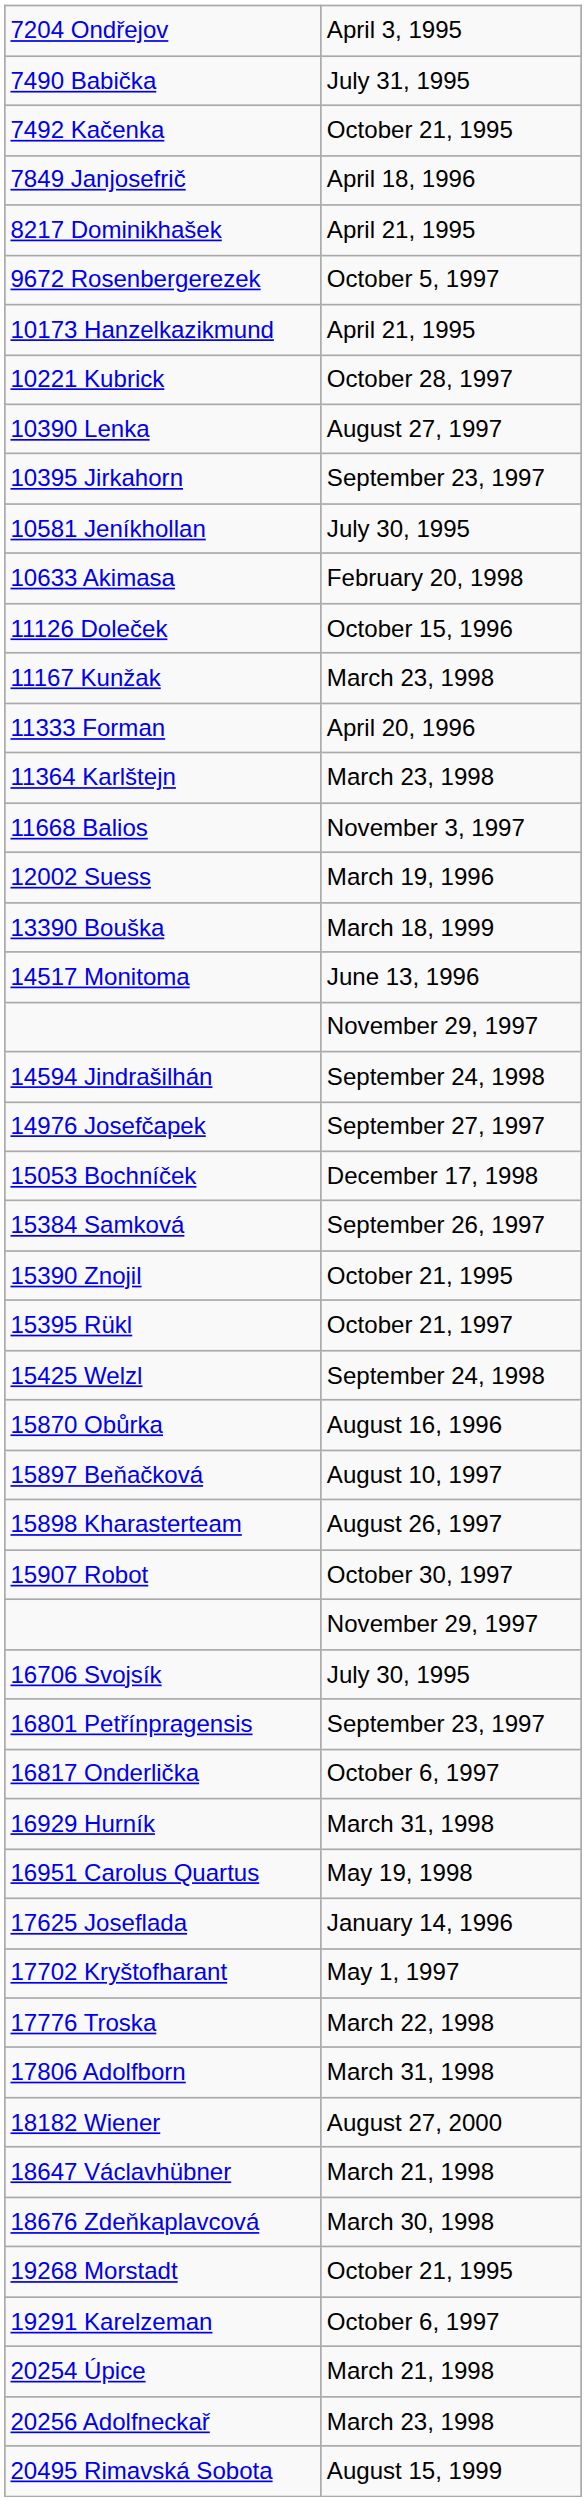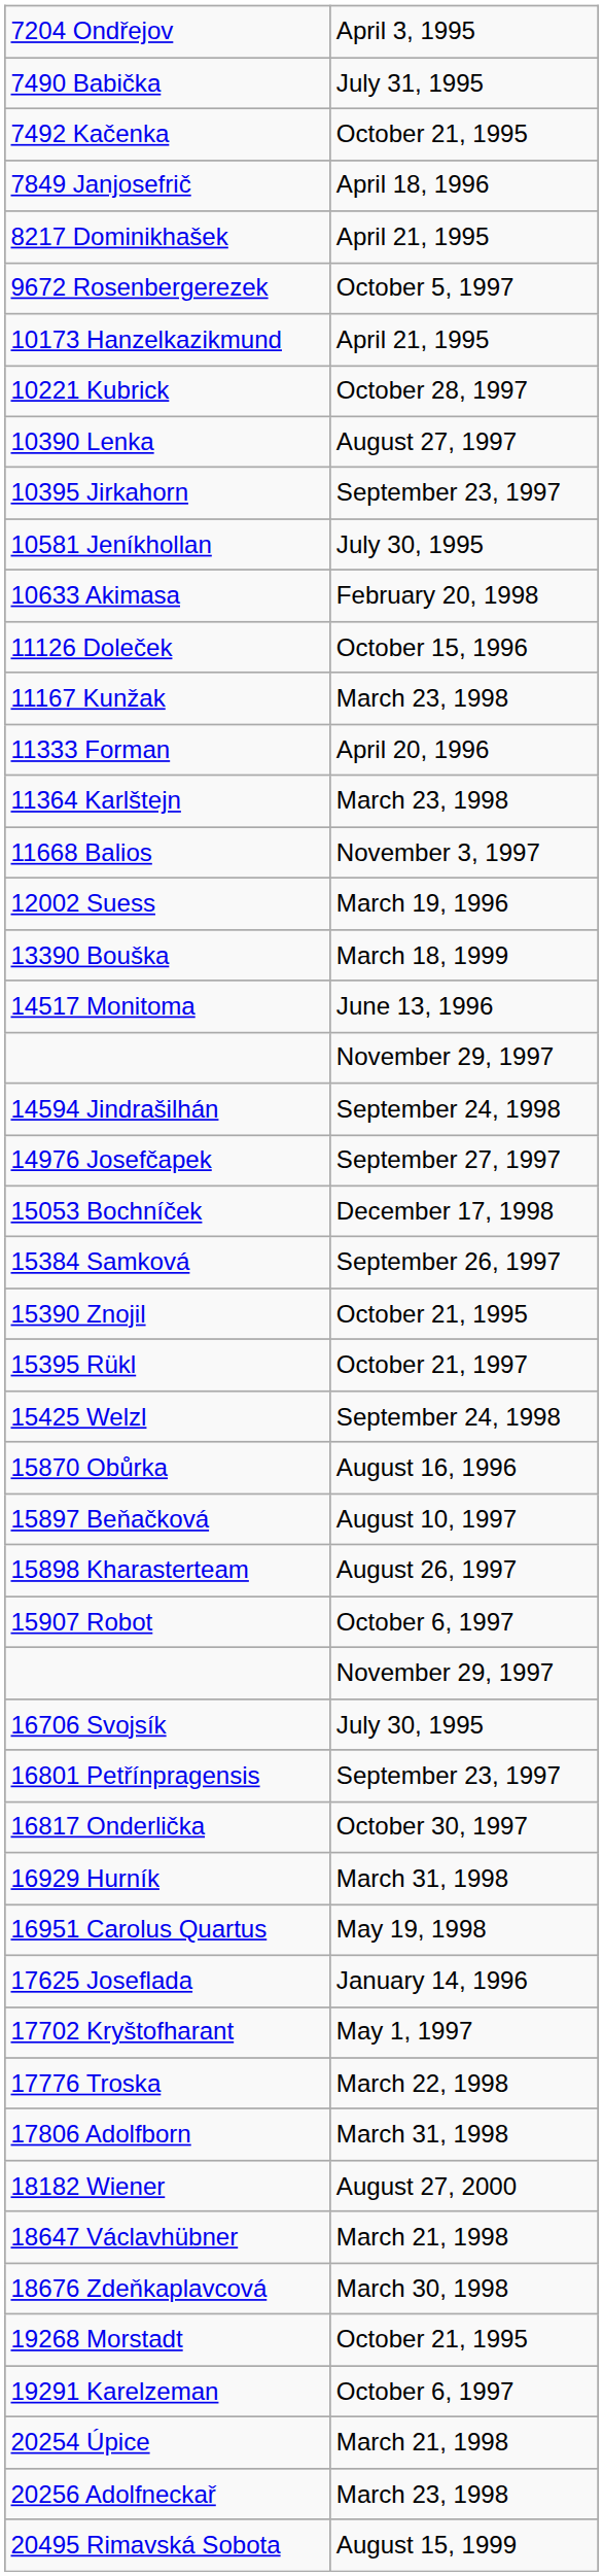 <table class="wikitable" style="font-size: 89%; float: left; width: 24em; margin-right: 1em; line-height: 1.6em !important; height: 1250px;">
 <tr>
 <td><a href='#'>7204 Ondřejov</a></td>
 <td>April 3, 1995</td>
 </tr>
 <tr>
 <td><a href='#'>7490 Babička</a></td>
 <td>July 31, 1995</td>
 </tr>
 <tr>
 <td><a href='#'>7492 Kačenka</a></td>
 <td>October 21, 1995</td>
 </tr>
 <tr>
 <td><a href='#'>7849 Janjosefrič</a> </td>
 <td>April 18, 1996</td>
 </tr>
 <tr>
 <td><a href='#'>8217 Dominikhašek</a> </td>
 <td>April 21, 1995</td>
 </tr>
 <tr>
 <td><a href='#'>9672 Rosenbergerezek</a></td>
 <td>October 5, 1997</td>
 </tr>
 <tr>
 <td><a href='#'>10173 Hanzelkazikmund</a> </td>
 <td>April 21, 1995</td>
 </tr>
 <tr>
 <td><a href='#'>10221 Kubrick</a></td>
 <td>October 28, 1997</td>
 </tr>
 <tr>
 <td><a href='#'>10390 Lenka</a> </td>
 <td>August 27, 1997</td>
 </tr>
 <tr>
 <td><a href='#'>10395 Jirkahorn</a> </td>
 <td>September 23, 1997</td>
 </tr>
 <tr>
 <td><a href='#'>10581 Jeníkhollan</a></td>
 <td>July 30, 1995</td>
 </tr>
 <tr>
 <td><a href='#'>10633 Akimasa</a></td>
 <td>February 20, 1998</td>
 </tr>
 <tr>
 <td><a href='#'>11126 Doleček</a></td>
 <td>October 15, 1996</td>
 </tr>
 <tr>
 <td><a href='#'>11167 Kunžak</a></td>
 <td>March 23, 1998</td>
 </tr>
 <tr>
 <td><a href='#'>11333 Forman</a> </td>
 <td>April 20, 1996</td>
 </tr>
 <tr>
 <td><a href='#'>11364 Karlštejn</a></td>
 <td>March 23, 1998</td>
 </tr>
 <tr>
 <td><a href='#'>11668 Balios</a></td>
 <td>November 3, 1997</td>
 </tr>
 <tr>
 <td><a href='#'>12002 Suess</a> </td>
 <td>March 19, 1996</td>
 </tr>
 <tr>
 <td><a href='#'>13390 Bouška</a> </td>
 <td>March 18, 1999</td>
 </tr>
 <tr>
 <td><a href='#'>14517 Monitoma</a></td>
 <td>June 13, 1996</td>
 </tr>
 <tr>
 <td></td>
 <td>November 29, 1997</td>
 </tr>
 <tr>
 <td><a href='#'>14594 Jindrašilhán</a></td>
 <td>September 24, 1998</td>
 </tr>
 <tr>
 <td><a href='#'>14976 Josefčapek</a></td>
 <td>September 27, 1997</td>
 </tr>
 <tr>
 <td><a href='#'>15053 Bochníček</a> </td>
 <td>December 17, 1998</td>
 </tr>
 <tr>
 <td><a href='#'>15384 Samková</a></td>
 <td>September 26, 1997</td>
 </tr>
 <tr>
 <td><a href='#'>15390 Znojil</a></td>
 <td>October 21, 1995</td>
 </tr>
 <tr>
 <td><a href='#'>15395 Rükl</a></td>
 <td>October 21, 1997</td>
 </tr>
 <tr>
 <td><a href='#'>15425 Welzl</a></td>
 <td>September 24, 1998</td>
 </tr>
 <tr>
 <td><a href='#'>15870 Obůrka</a></td>
 <td>August 16, 1996</td>
 </tr>
 <tr>
 <td><a href='#'>15897 Beňačková</a></td>
 <td>August 10, 1997</td>
 </tr>
 <tr>
 <td><a href='#'>15898 Kharasterteam</a> </td>
 <td>August 26, 1997</td>
 </tr>
 <tr>
 <td><a href='#'>15907 Robot</a></td>
-<td>October 30, 1997</td>
+<td>October 6, 1997</td>
 </tr>
 <tr>
 <td> </td>
 <td>November 29, 1997</td>
 </tr>
 <tr>
 <td><a href='#'>16706 Svojsík</a></td>
 <td>July 30, 1995</td>
 </tr>
 <tr>
 <td><a href='#'>16801 Petřínpragensis</a></td>
 <td>September 23, 1997</td>
 </tr>
 <tr>
 <td><a href='#'>16817 Onderlička</a></td>
-<td>October 6, 1997</td>
+<td>October 30, 1997</td>
 </tr>
 <tr>
 <td><a href='#'>16929 Hurník</a></td>
 <td>March 31, 1998</td>
 </tr>
 <tr>
 <td><a href='#'>16951 Carolus Quartus</a></td>
 <td>May 19, 1998</td>
 </tr>
 <tr>
 <td><a href='#'>17625 Joseflada</a> </td>
 <td>January 14, 1996</td>
 </tr>
 <tr>
 <td><a href='#'>17702 Kryštofharant</a></td>
 <td>May 1, 1997</td>
 </tr>
 <tr>
 <td><a href='#'>17776 Troska</a></td>
 <td>March 22, 1998</td>
 </tr>
 <tr>
 <td><a href='#'>17806 Adolfborn</a></td>
 <td>March 31, 1998</td>
 </tr>
 <tr>
 <td><a href='#'>18182 Wiener</a> </td>
 <td>August 27, 2000</td>
 </tr>
 <tr>
 <td><a href='#'>18647 Václavhübner</a></td>
 <td>March 21, 1998</td>
 </tr>
 <tr>
 <td><a href='#'>18676 Zdeňkaplavcová</a></td>
 <td>March 30, 1998</td>
 </tr>
 <tr>
 <td><a href='#'>19268 Morstadt</a></td>
 <td>October 21, 1995</td>
 </tr>
 <tr>
 <td><a href='#'>19291 Karelzeman</a> </td>
 <td>October 6, 1997</td>
 </tr>
 <tr>
 <td><a href='#'>20254 Úpice</a></td>
 <td>March 21, 1998</td>
 </tr>
 <tr>
 <td><a href='#'>20256 Adolfneckař</a></td>
 <td>March 23, 1998</td>
 </tr>
 <tr>
 <td><a href='#'>20495 Rimavská Sobota</a> </td>
 <td>August 15, 1999</td>
 </tr>
 </table>
